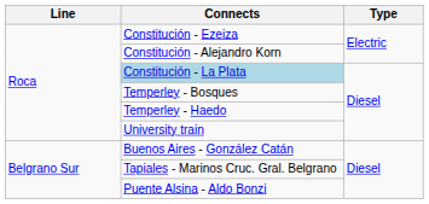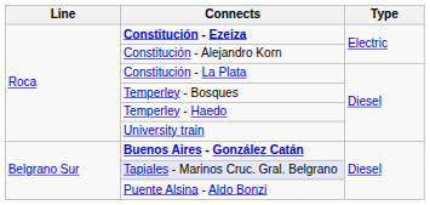 <table class="wikitable sortable" style="text-align:left" width="550">
 <tr>
 <th width=150px>Line</th>
 <th width=300px>Connects</th>
 <th width=100px>Type</th>
 </tr>
 <tr>
 <td rowspan=6><a href='#'>Roca</a></td>
-<td><a href='#'>Constitución</a> - <a href='#'>Ezeiza</a></td>
+<td><strong><a href='#'>Constitución</a> - <a href='#'>Ezeiza</a></strong></td>
 <td rowspan=2><a href='#'>Electric</a></td>
 </tr>
 <tr>
 <td><a href='#'>Constitución</a> - Alejandro Korn</td>
 </tr>
 <tr>
-<td style="background: lightblue;"><a href='#'>Constitución</a> - <a href='#'>La Plata</a></td>
+<td><a href='#'>Constitución</a> - <a href='#'>La Plata</a></td>
 <td rowspan=4><a href='#'>Diesel</a></td>
 </tr>
 <tr>
 <td><a href='#'>Temperley</a> - Bosques</td>
 </tr>
 <tr>
 <td><a href='#'>Temperley</a> - <a href='#'>Haedo</a></td>
 </tr>
 <tr>
 <td><a href='#'>University train</a></td>
 </tr>
 <tr>
 <td rowspan=3><a href='#'>Belgrano Sur</a></td>
-<td><a href='#'>Buenos Aires</a> -  <a href='#'>González Catán</a></td>
+<td><strong><a href='#'>Buenos Aires</a> -  <a href='#'>González Catán</a></strong></td>
 <td rowspan=3><a href='#'>Diesel</a></td>
 </tr>
 <tr>
-<td><a href='#'>Tapiales</a> - Marinos Cruc. Gral. Belgrano</td>
+<td style="background: lavender;"><a href='#'>Tapiales</a> - Marinos Cruc. Gral. Belgrano</td>
 </tr>
 <tr>
 <td><a href='#'>Puente Alsina</a> - <a href='#'>Aldo Bonzi</a></td>
 </tr>
 </table>
